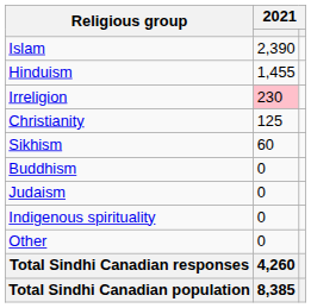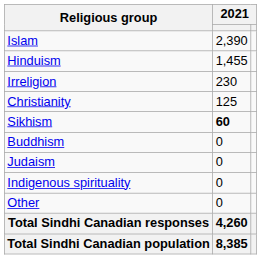 <table class="wikitable sortable">
 <tr>
 <th rowspan="2">Religious group</th>
 <th colspan="2">2021</th>
 </tr>
 <tr>
 <th><a href='#'></a></th>
 <th></th>
 </tr>
 <tr>
 <td><a href='#'>Islam</a></td>
 <td>2,390</td>
 <td></td>
 </tr>
 <tr>
 <td><a href='#'>Hinduism</a></td>
 <td>1,455</td>
 <td></td>
 </tr>
 <tr>
 <td><a href='#'>Irreligion</a></td>
-<td style="background: pink;">230</td>
+<td>230</td>
 <td></td>
 </tr>
 <tr>
 <td><a href='#'>Christianity</a></td>
 <td>125</td>
 <td></td>
 </tr>
 <tr>
 <td><a href='#'>Sikhism</a></td>
-<td>60</td>
+<td><strong>60</strong></td>
 <td></td>
 </tr>
 <tr>
 <td><a href='#'>Buddhism</a></td>
 <td>0</td>
 <td></td>
 </tr>
 <tr>
 <td><a href='#'>Judaism</a></td>
 <td>0</td>
 <td></td>
 </tr>
 <tr>
 <td><a href='#'>Indigenous spirituality</a></td>
 <td>0</td>
 <td></td>
 </tr>
 <tr>
 <td><a href='#'>Other</a></td>
 <td>0</td>
 <td></td>
 </tr>
 <tr>
 <th>Total Sindhi Canadian responses</th>
 <th>4,260</th>
 <th></th>
 </tr>
 <tr>
 <th>Total Sindhi Canadian population</th>
 <th>8,385</th>
 <th></th>
 </tr>
 </table>
